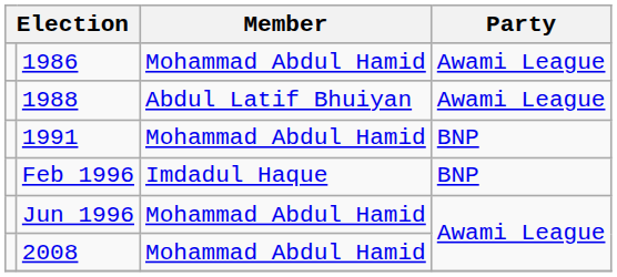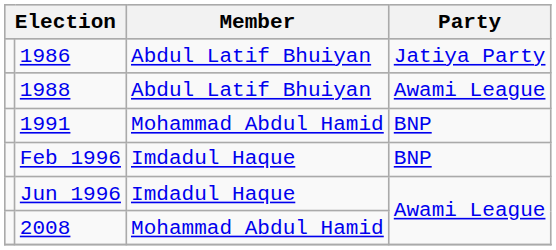 <table class="wikitable">
 <tr>
 <th colspan="2">Election</th>
 <th>Member</th>
 <th>Party</th>
 </tr>
 <tr>
 <td style="background-color:"></td>
 <td><a href='#'>1986</a></td>
-<td><a href='#'>Mohammad Abdul Hamid</a></td>
-<td><a href='#'>Awami League</a></td>
+<td><a href='#'>Abdul Latif Bhuiyan</a></td>
+<td><a href='#'>Jatiya Party</a></td>
 </tr>
 <tr>
 <td style="background-color:"></td>
 <td><a href='#'>1988</a></td>
 <td><a href='#'>Abdul Latif Bhuiyan</a></td>
 <td><a href='#'>Awami League</a></td>
 </tr>
 <tr>
 <td style="background-color:"></td>
 <td><a href='#'>1991</a></td>
 <td><a href='#'>Mohammad Abdul Hamid</a></td>
 <td><a href='#'>BNP</a></td>
 </tr>
 <tr>
 <td style="background-color:"></td>
 <td><a href='#'>Feb 1996</a></td>
 <td><a href='#'>Imdadul Haque</a></td>
 <td><a href='#'>BNP</a></td>
 </tr>
 <tr>
 <td style="background-color:"></td>
 <td><a href='#'>Jun 1996</a></td>
-<td><a href='#'>Mohammad Abdul Hamid</a></td>
+<td><a href='#'>Imdadul Haque</a></td>
 <td rowspan="2"><a href='#'>Awami League</a></td>
 </tr>
 <tr>
 <td style="background-color:"></td>
 <td><a href='#'>2008</a></td>
 <td><a href='#'>Mohammad Abdul Hamid</a></td>
 </tr>
 <tr>
 </tr>
 </table>
